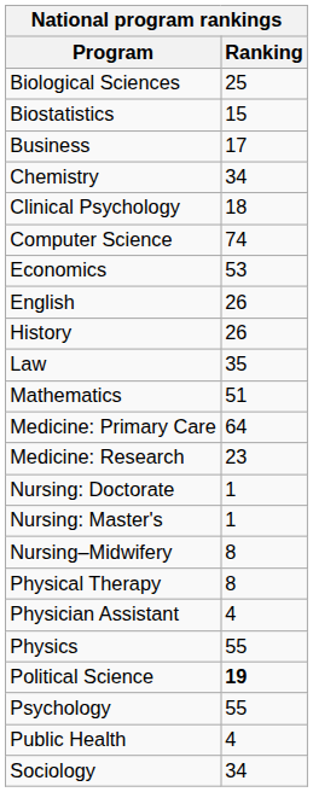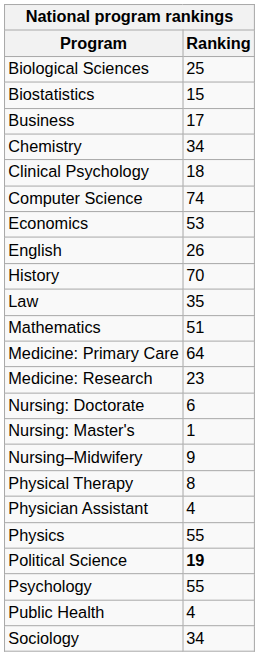 <table class="wikitable sortable collapsible collapsed floatright" "text-align:center">
 <tr>
 <th colspan=4>National program rankings</th>
 </tr>
 <tr>
 <th>Program</th>
 <th>Ranking</th>
 </tr>
 <tr>
 <td>Biological Sciences</td>
 <td>25</td>
 </tr>
 <tr>
 <td>Biostatistics</td>
 <td>15</td>
 </tr>
 <tr>
 <td>Business</td>
 <td>17</td>
 </tr>
 <tr>
 <td>Chemistry</td>
 <td>34</td>
 </tr>
 <tr>
 <td>Clinical Psychology</td>
 <td>18</td>
 </tr>
 <tr>
 <td>Computer Science</td>
 <td>74</td>
 </tr>
 <tr>
 <td>Economics</td>
 <td>53</td>
 </tr>
 <tr>
 <td>English</td>
 <td>26</td>
 </tr>
 <tr>
 <td>History</td>
-<td>26</td>
+<td>70</td>
 </tr>
 <tr>
 <td>Law</td>
 <td>35</td>
 </tr>
 <tr>
 <td>Mathematics</td>
 <td>51</td>
 </tr>
 <tr>
 <td>Medicine: Primary Care</td>
 <td>64</td>
 </tr>
 <tr>
 <td>Medicine: Research</td>
 <td>23</td>
 </tr>
 <tr>
 <td>Nursing: Doctorate</td>
-<td>1</td>
+<td>6</td>
 </tr>
 <tr>
 <td>Nursing: Master's</td>
 <td>1</td>
 </tr>
 <tr>
 <td>Nursing–Midwifery</td>
-<td>8</td>
+<td>9</td>
 </tr>
 <tr>
 <td>Physical Therapy</td>
 <td>8</td>
 </tr>
 <tr>
 <td>Physician Assistant</td>
 <td>4</td>
 </tr>
 <tr>
 <td>Physics</td>
 <td>55</td>
 </tr>
 <tr>
 <td>Political Science</td>
 <td><strong>19</strong></td>
 </tr>
 <tr>
 <td>Psychology</td>
 <td>55</td>
 </tr>
 <tr>
 <td>Public Health</td>
 <td>4</td>
 </tr>
 <tr>
 <td>Sociology</td>
 <td>34</td>
 </tr>
 </table>
